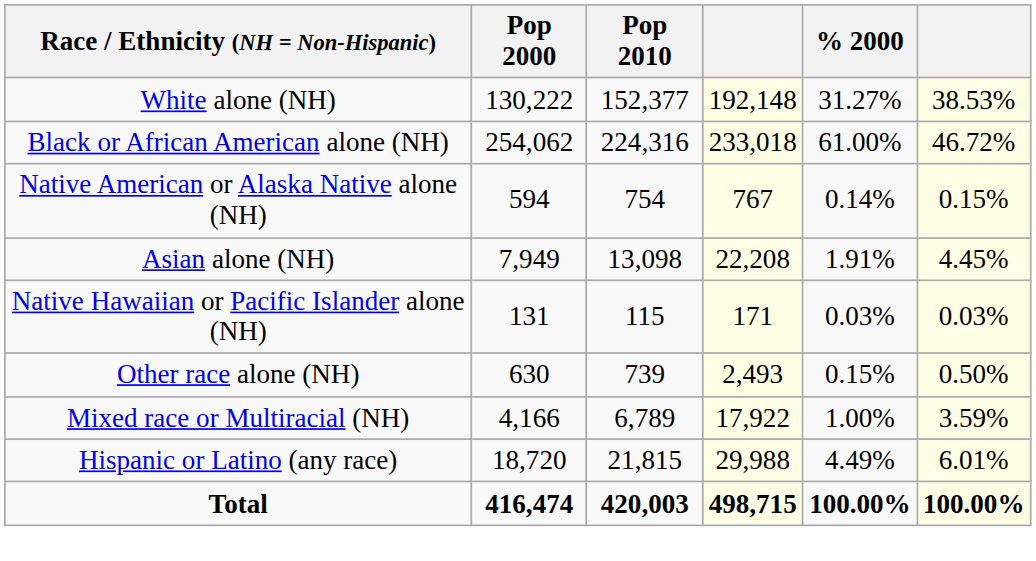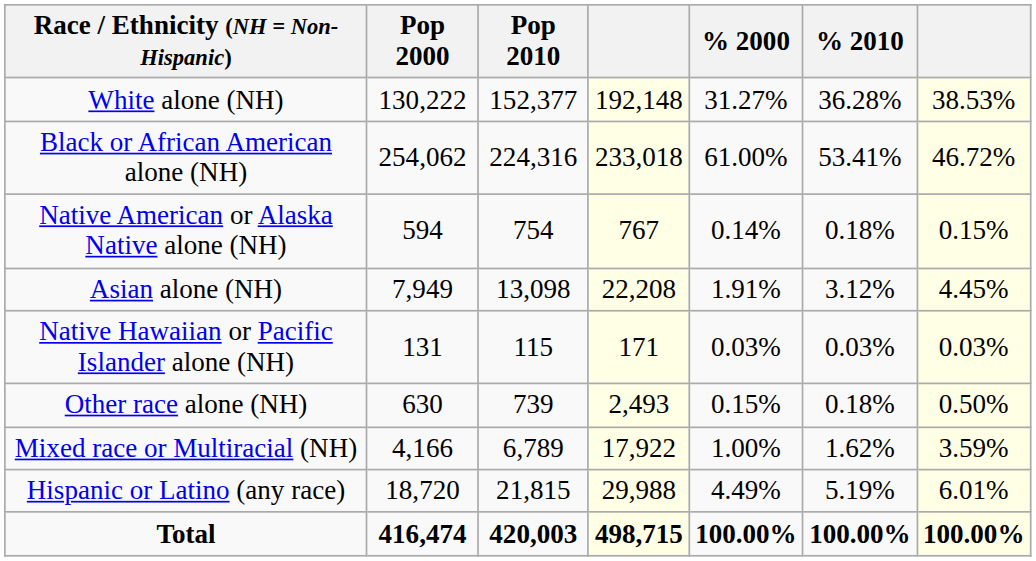 <table class="wikitable" style="text-align:center;">
 <tr>
 <th>Race / Ethnicity <small>(<em>NH = Non-Hispanic</em>)</small></th>
 <th>Pop 2000</th>
 <th>Pop 2010</th>
 <th></th>
 <th>% 2000</th>
+<th>% 2010</th>
 <th></th>
 </tr>
 <tr>
 <td><a href='#'>White</a> alone (NH)</td>
 <td>130,222</td>
 <td>152,377</td>
 <td style='background: #ffffe6;'>192,148</td>
 <td>31.27%</td>
+<td>36.28%</td>
 <td style='background: #ffffe6;'>38.53%</td>
 </tr>
 <tr>
 <td><a href='#'>Black or African American</a> alone (NH)</td>
 <td>254,062</td>
 <td>224,316</td>
 <td style='background: #ffffe6;'>233,018</td>
 <td>61.00%</td>
+<td>53.41%</td>
 <td style='background: #ffffe6;'>46.72%</td>
 </tr>
 <tr>
 <td><a href='#'>Native American</a> or <a href='#'>Alaska Native</a> alone (NH)</td>
 <td>594</td>
 <td>754</td>
 <td style='background: #ffffe6;'>767</td>
 <td>0.14%</td>
+<td>0.18%</td>
 <td style='background: #ffffe6;'>0.15%</td>
 </tr>
 <tr>
 <td><a href='#'>Asian</a> alone (NH)</td>
 <td>7,949</td>
 <td>13,098</td>
 <td style='background: #ffffe6;'>22,208</td>
 <td>1.91%</td>
+<td>3.12%</td>
 <td style='background: #ffffe6;'>4.45%</td>
 </tr>
 <tr>
 <td><a href='#'>Native Hawaiian</a> or <a href='#'>Pacific Islander</a> alone (NH)</td>
 <td>131</td>
 <td>115</td>
 <td style='background: #ffffe6;'>171</td>
+<td>0.03%</td>
 <td>0.03%</td>
 <td style='background: #ffffe6;'>0.03%</td>
 </tr>
 <tr>
 <td><a href='#'>Other race</a> alone (NH)</td>
 <td>630</td>
 <td>739</td>
 <td style='background: #ffffe6;'>2,493</td>
 <td>0.15%</td>
+<td>0.18%</td>
 <td style='background: #ffffe6;'>0.50%</td>
 </tr>
 <tr>
 <td><a href='#'>Mixed race or Multiracial</a> (NH)</td>
 <td>4,166</td>
 <td>6,789</td>
 <td style='background: #ffffe6;'>17,922</td>
 <td>1.00%</td>
+<td>1.62%</td>
 <td style='background: #ffffe6;'>3.59%</td>
 </tr>
 <tr>
 <td><a href='#'>Hispanic or Latino</a> (any race)</td>
 <td>18,720</td>
 <td>21,815</td>
 <td style='background: #ffffe6;'>29,988</td>
 <td>4.49%</td>
+<td>5.19%</td>
 <td style='background: #ffffe6;'>6.01%</td>
 </tr>
 <tr>
 <td><strong>Total</strong></td>
 <td><strong>416,474</strong></td>
 <td><strong>420,003</strong></td>
 <td style='background: #ffffe6;'><strong>498,715</strong></td>
 <td><strong>100.00%</strong></td>
+<td><strong>100.00%</strong></td>
 <td style='background: #ffffe6;'><strong>100.00%</strong></td>
 </tr>
 </table>
